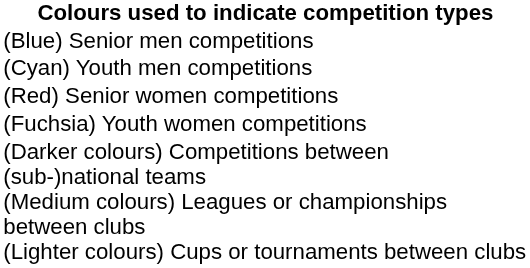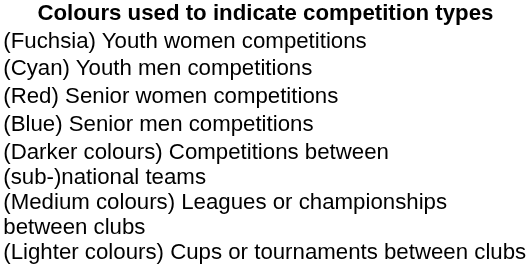 <table class="toc" cellspacing="0" width="30%" align="right">
 <tr>
 <th>Colours used to indicate competition types</th>
 </tr>
 <tr>
-<td>   (Blue) Senior men competitions</td>
+<td>   (Fuchsia) Youth women competitions</td>
 </tr>
 <tr>
 <td>   (Cyan) Youth men competitions</td>
 </tr>
 <tr>
 <td>   (Red) Senior women competitions</td>
 </tr>
 <tr>
-<td>   (Fuchsia) Youth women competitions</td>
+<td>   (Blue) Senior men competitions</td>
 </tr>
 <tr>
 <td> (Darker colours) Competitions between (sub-)national teams<br> (Medium colours) Leagues or championships between clubs<br> (Lighter colours) Cups or tournaments between clubs</td>
 </tr>
 </table>
